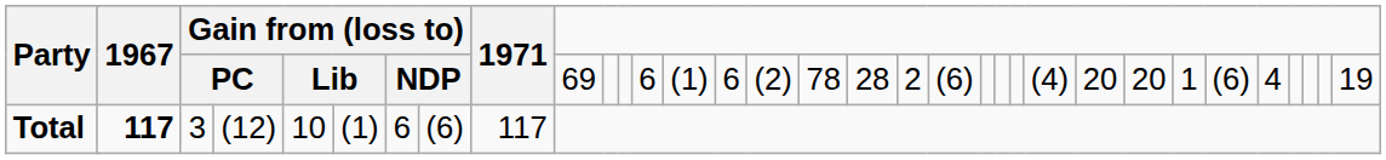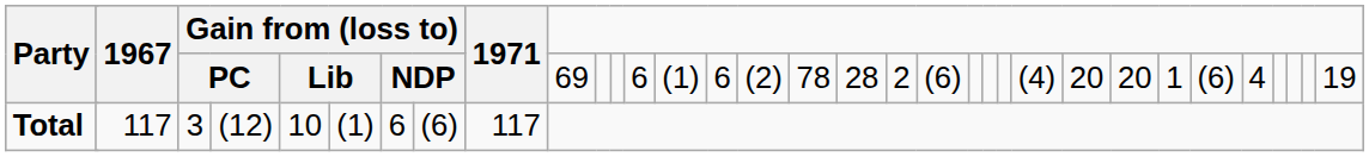 <table class="wikitable" style="text-align:right">
 <tr>
 <th rowspan="2" colspan="2">Party</th>
 <th rowspan="2" style="width:1em;">1967</th>
 <th colspan="6">Gain from (loss to)</th>
 <th rowspan="2" style="width:1em;">1971</th>
 </tr>
 <tr>
 <th colspan="2">PC</th>
 <th colspan="2">Lib</th>
 <th colspan="2">NDP<br></th>
 <td>69</td>
 <td></td>
 <td></td>
 <td>6</td>
 <td>(1)</td>
 <td>6</td>
 <td>(2)</td>
 <td>78<br></td>
 <td>28</td>
 <td>2</td>
 <td>(6)</td>
 <td></td>
 <td></td>
 <td></td>
 <td>(4)</td>
 <td>20<br></td>
 <td>20</td>
 <td>1</td>
 <td>(6)</td>
 <td>4</td>
 <td></td>
 <td></td>
 <td></td>
 <td>19</td>
 </tr>
 <tr>
 <td colspan="2" style="text-align:left;"><strong>Total</strong></td>
-<td><strong>117</strong></td>
+<td>117</td>
 <td>3</td>
 <td>(12)</td>
 <td>10</td>
 <td>(1)</td>
 <td>6</td>
 <td>(6)</td>
 <td>117</td>
 </tr>
 </table>
